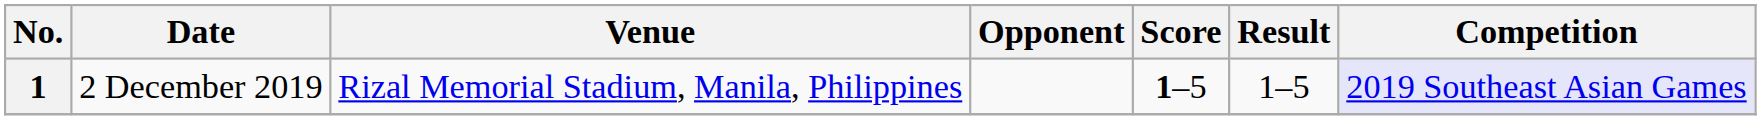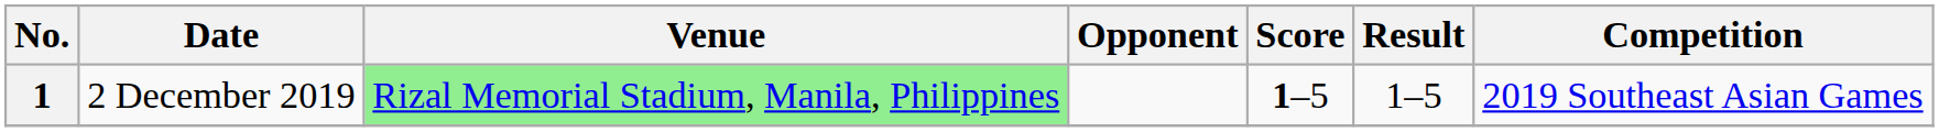 <table class="wikitable">
 <tr>
 <th>No.</th>
 <th>Date</th>
 <th>Venue</th>
 <th>Opponent</th>
 <th>Score</th>
 <th>Result</th>
 <th>Competition</th>
 </tr>
 <tr>
 <th align=center>1</th>
 <td>2 December 2019</td>
-<td><a href='#'>Rizal Memorial Stadium</a>, <a href='#'>Manila</a>, <a href='#'>Philippines</a></td>
+<td style="background: lightgreen;"><a href='#'>Rizal Memorial Stadium</a>, <a href='#'>Manila</a>, <a href='#'>Philippines</a></td>
 <td></td>
 <td align=center><strong>1</strong>–5</td>
 <td align=center>1–5</td>
-<td style="background: lavender;"><a href='#'>2019 Southeast Asian Games</a></td>
+<td><a href='#'>2019 Southeast Asian Games</a></td>
 </tr>
 <tr>
 </tr>
 </table>
